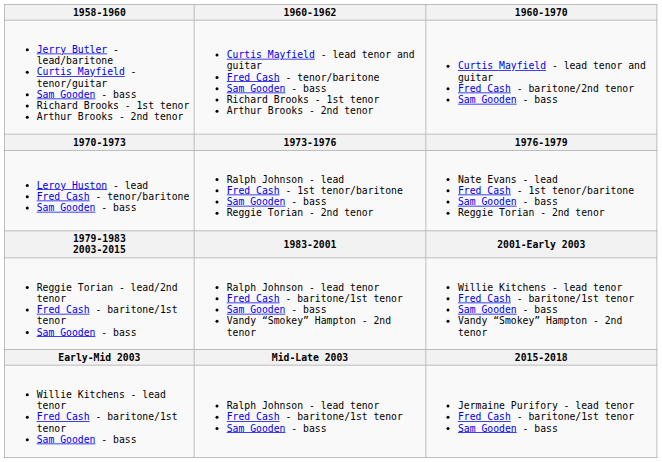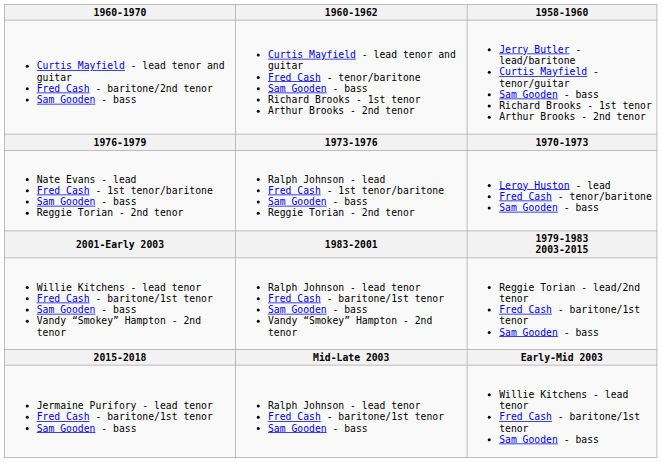 <table class="wikitable">
 <tr>
+<th>1960-1970</th>
+<th>1960-1962</th>
 <th>1958-1960</th>
-<th>1960-1962</th>
-<th>1960-1970</th>
 </tr>
 <tr>
+<td><br><ul><li><a href='#'>Curtis Mayfield</a> - lead tenor and guitar</li><li><a href='#'>Fred Cash</a> - baritone/2nd tenor</li><li><a href='#'>Sam Gooden</a> - bass</li></ul></td>
+<td><br><ul><li><a href='#'>Curtis Mayfield</a> - lead tenor and guitar</li><li><a href='#'>Fred Cash</a> - tenor/baritone</li><li><a href='#'>Sam Gooden</a> - bass</li><li>Richard Brooks - 1st tenor</li><li>Arthur Brooks - 2nd tenor</li></ul></td>
 <td><br><ul><li><a href='#'>Jerry Butler</a> - lead/baritone</li><li><a href='#'>Curtis Mayfield</a> - tenor/guitar</li><li><a href='#'>Sam Gooden</a> - bass</li><li>Richard Brooks - 1st tenor</li><li>Arthur Brooks - 2nd tenor</li></ul></td>
-<td><br><ul><li><a href='#'>Curtis Mayfield</a> - lead tenor and guitar</li><li><a href='#'>Fred Cash</a> - tenor/baritone</li><li><a href='#'>Sam Gooden</a> - bass</li><li>Richard Brooks - 1st tenor</li><li>Arthur Brooks - 2nd tenor</li></ul></td>
-<td><br><ul><li><a href='#'>Curtis Mayfield</a> - lead tenor and guitar</li><li><a href='#'>Fred Cash</a> - baritone/2nd tenor</li><li><a href='#'>Sam Gooden</a> - bass</li></ul></td>
 </tr>
 <tr>
+<th>1976-1979</th>
+<th>1973-1976</th>
 <th>1970-1973</th>
-<th>1973-1976</th>
-<th>1976-1979</th>
 </tr>
 <tr>
+<td><br><ul><li>Nate Evans - lead</li><li><a href='#'>Fred Cash</a> - 1st tenor/baritone</li><li><a href='#'>Sam Gooden</a> - bass</li><li>Reggie Torian - 2nd tenor</li></ul></td>
+<td><br><ul><li>Ralph Johnson - lead</li><li><a href='#'>Fred Cash</a> - 1st tenor/baritone</li><li><a href='#'>Sam Gooden</a> - bass</li><li>Reggie Torian - 2nd tenor</li></ul></td>
 <td><br><ul><li><a href='#'>Leroy Huston</a> - lead</li><li><a href='#'>Fred Cash</a> - tenor/baritone</li><li><a href='#'>Sam Gooden</a> - bass</li></ul></td>
-<td><br><ul><li>Ralph Johnson - lead</li><li><a href='#'>Fred Cash</a> - 1st tenor/baritone</li><li><a href='#'>Sam Gooden</a> - bass</li><li>Reggie Torian - 2nd tenor</li></ul></td>
-<td><br><ul><li>Nate Evans - lead</li><li><a href='#'>Fred Cash</a> - 1st tenor/baritone</li><li><a href='#'>Sam Gooden</a> - bass</li><li>Reggie Torian - 2nd tenor</li></ul></td>
 </tr>
 <tr>
+<th>2001-Early 2003</th>
+<th>1983-2001</th>
 <th>1979-1983<br>2003-2015</th>
-<th>1983-2001</th>
-<th>2001-Early 2003</th>
 </tr>
 <tr>
+<td><br><ul><li>Willie Kitchens - lead tenor</li><li><a href='#'>Fred Cash</a> - baritone/1st tenor</li><li><a href='#'>Sam Gooden</a> - bass</li><li>Vandy “Smokey” Hampton - 2nd tenor</li></ul></td>
+<td><br><ul><li>Ralph Johnson - lead tenor</li><li><a href='#'>Fred Cash</a> - baritone/1st tenor</li><li><a href='#'>Sam Gooden</a> - bass</li><li>Vandy “Smokey” Hampton - 2nd tenor</li></ul></td>
 <td><br><ul><li>Reggie Torian - lead/2nd tenor</li><li><a href='#'>Fred Cash</a> - baritone/1st tenor</li><li><a href='#'>Sam Gooden</a> - bass</li></ul></td>
-<td><br><ul><li>Ralph Johnson - lead tenor</li><li><a href='#'>Fred Cash</a> - baritone/1st tenor</li><li><a href='#'>Sam Gooden</a> - bass</li><li>Vandy “Smokey” Hampton - 2nd tenor</li></ul></td>
-<td><br><ul><li>Willie Kitchens - lead tenor</li><li><a href='#'>Fred Cash</a> - baritone/1st tenor</li><li><a href='#'>Sam Gooden</a> - bass</li><li>Vandy “Smokey” Hampton - 2nd tenor</li></ul></td>
 </tr>
 <tr>
+<th>2015-2018</th>
+<th>Mid-Late 2003</th>
 <th>Early-Mid 2003</th>
-<th>Mid-Late 2003</th>
-<th>2015-2018</th>
 </tr>
 <tr>
+<td><br><ul><li>Jermaine Purifory - lead tenor</li><li><a href='#'>Fred Cash</a> - baritone/1st tenor</li><li><a href='#'>Sam Gooden</a> - bass</li></ul></td>
+<td><br><ul><li>Ralph Johnson  - lead tenor</li><li><a href='#'>Fred Cash</a> - baritone/1st tenor</li><li><a href='#'>Sam Gooden</a> - bass</li></ul></td>
 <td><br><ul><li>Willie Kitchens - lead tenor</li><li><a href='#'>Fred Cash</a> - baritone/1st tenor</li><li><a href='#'>Sam Gooden</a> - bass</li></ul></td>
-<td><br><ul><li>Ralph Johnson  - lead tenor</li><li><a href='#'>Fred Cash</a> - baritone/1st tenor</li><li><a href='#'>Sam Gooden</a> - bass</li></ul></td>
-<td><br><ul><li>Jermaine Purifory - lead tenor</li><li><a href='#'>Fred Cash</a> - baritone/1st tenor</li><li><a href='#'>Sam Gooden</a> - bass</li></ul></td>
 </tr>
 </table>
